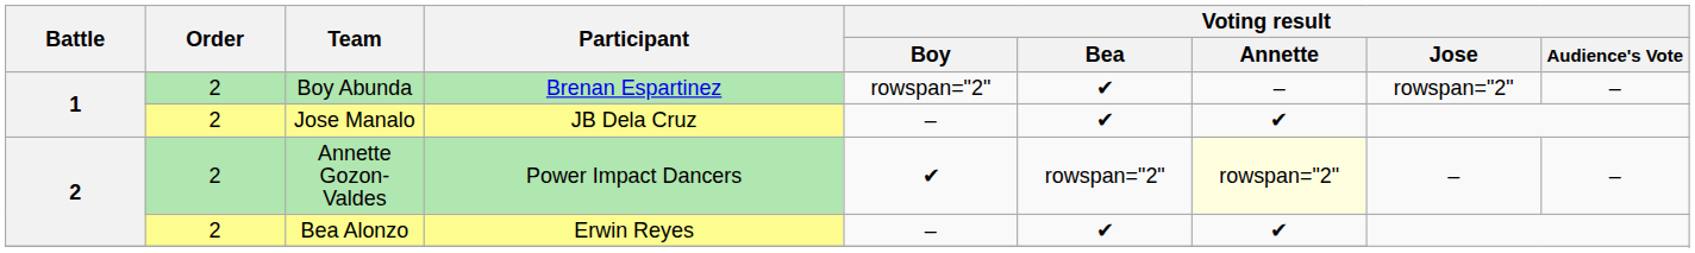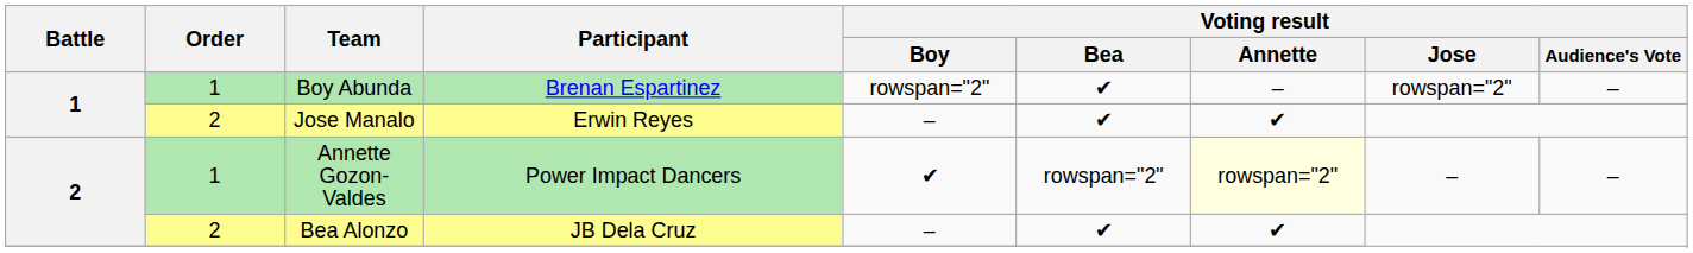 <table class="wikitable" style="text-align:center; line-height:17px; width:100%;">
 <tr>
 <th scope="col" rowspan="2" width="05%">Battle</th>
 <th scope="col" rowspan="2" width="05%">Order</th>
 <th scope="col" rowspan="2" width="05%">Team</th>
 <th scope="col" rowspan="2" width="15%">Participant</th>
 <th scope="col" colspan="5" width="20%">Voting result</th>
 </tr>
 <tr>
 <th width="4%">Boy</th>
 <th width="4%">Bea</th>
 <th width="4%">Annette</th>
 <th width="4%">Jose</th>
 <th width="4%"><small>Audience's Vote</small></th>
 </tr>
 <tr>
 <th rowspan="2">1</th>
-<td style="background:#b0e6b0;">2</td>
+<td style="background:#b0e6b0;">1</td>
 <td style="background:#b0e6b0;">Boy Abunda</td>
 <td style="background:#b0e6b0;"><a href='#'>Brenan Espartinez</a></td>
 <td>rowspan="2" </td>
 <td>✔</td>
 <td>–</td>
 <td>rowspan="2" </td>
 <td>–</td>
 </tr>
 <tr>
 <td style="background:#fdfc8f;">2</td>
 <td style="background:#fdfc8f;">Jose Manalo</td>
-<td style="background:#fdfc8f;">JB Dela Cruz</td>
+<td style="background:#fdfc8f;">Erwin Reyes</td>
 <td>–</td>
 <td>✔</td>
 <td>✔</td>
 </tr>
 <tr>
 <th rowspan="2">2</th>
-<td style="background:#b0e6b0;">2</td>
+<td style="background:#b0e6b0;">1</td>
 <td style="background:#b0e6b0;">Annette Gozon-Valdes</td>
 <td style="background:#b0e6b0;">Power Impact Dancers</td>
 <td>✔</td>
 <td>rowspan="2" </td>
 <td style="background: lightyellow;">rowspan="2" </td>
 <td>–</td>
 <td>–</td>
 </tr>
 <tr>
 <td style="background:#fdfc8f;">2</td>
 <td style="background:#fdfc8f;">Bea Alonzo</td>
-<td style="background:#fdfc8f;">Erwin Reyes</td>
+<td style="background:#fdfc8f;">JB Dela Cruz</td>
 <td>–</td>
 <td>✔</td>
 <td>✔</td>
 </tr>
 <tr>
 </tr>
 </table>
